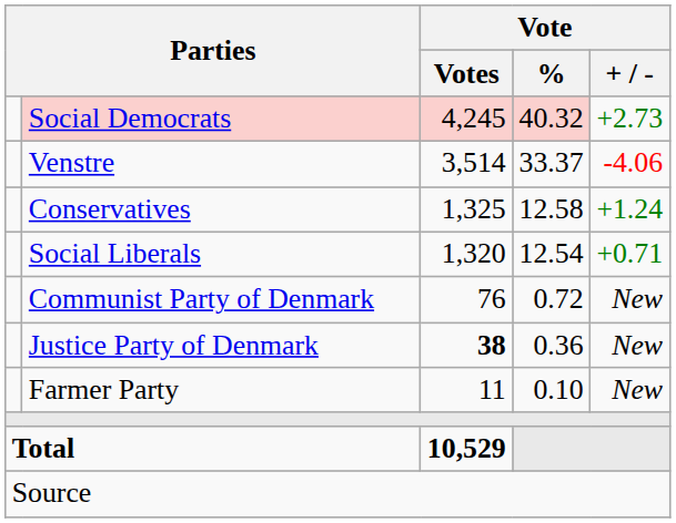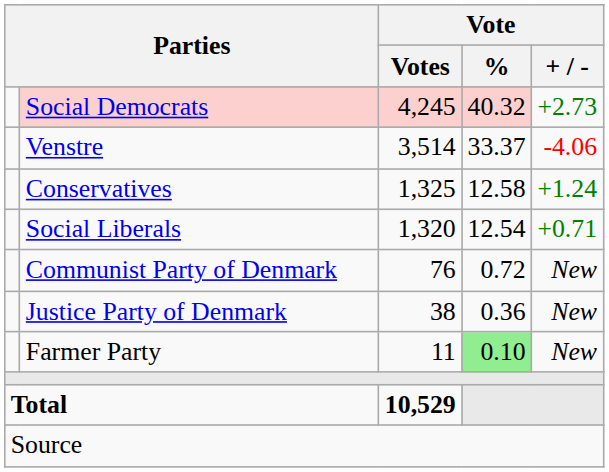 <table class="wikitable" style="text-align:right;">
 <tr>
 <th style="text-align:centre;" rowspan="2" colspan="2" width="225">Parties</th>
 <th colspan="3">Vote</th>
 </tr>
 <tr>
 <th width="15">Votes</th>
 <th width="15">%</th>
 <th width="15">+ / -</th>
 </tr>
 <tr>
 <td width="2" style="color:inherit;background:"></td>
 <td bgcolor=#fbd0ce  align="left"><a href='#'>Social Democrats</a></td>
 <td bgcolor=#fbd0ce>4,245</td>
 <td bgcolor=#fbd0ce>40.32</td>
 <td style=color:green;>+2.73</td>
 </tr>
 <tr>
 <td width="2" style="color:inherit;background:"></td>
 <td align="left"><a href='#'>Venstre</a></td>
 <td>3,514</td>
 <td>33.37</td>
 <td style=color:red;>-4.06</td>
 </tr>
 <tr>
 <td width="2" style="color:inherit;background:"></td>
 <td align="left"><a href='#'>Conservatives</a></td>
 <td>1,325</td>
 <td>12.58</td>
 <td style=color:green;>+1.24</td>
 </tr>
 <tr>
 <td width="2" style="color:inherit;background:"></td>
 <td align="left"><a href='#'>Social Liberals</a></td>
 <td>1,320</td>
 <td>12.54</td>
 <td style=color:green;>+0.71</td>
 </tr>
 <tr>
 <td width="2" style="color:inherit;background:"></td>
 <td align="left"><a href='#'>Communist Party of Denmark</a></td>
 <td>76</td>
 <td>0.72</td>
 <td><em>New</em></td>
 </tr>
 <tr>
 <td width="2" style="color:inherit;background:"></td>
 <td align="left"><a href='#'>Justice Party of Denmark</a></td>
-<td><strong>38</strong></td>
+<td>38</td>
 <td>0.36</td>
 <td><em>New</em></td>
 </tr>
 <tr>
 <td width="2" style="color:inherit;background:"></td>
 <td align="left">Farmer Party</td>
 <td>11</td>
-<td>0.10</td>
+<td style="background: lightgreen;">0.10</td>
 <td><em>New</em></td>
 </tr>
 <tr>
 <td colspan="7" bgcolor="#E9E9E9"></td>
 </tr>
 <tr>
 <td align="left" colspan="2"><strong>Total</strong></td>
 <td><strong>10,529</strong></td>
 <td bgcolor="#E9E9E9" colspan="2"></td>
 </tr>
 <tr>
 <td align="left" colspan="6">Source</td>
 </tr>
 </table>
